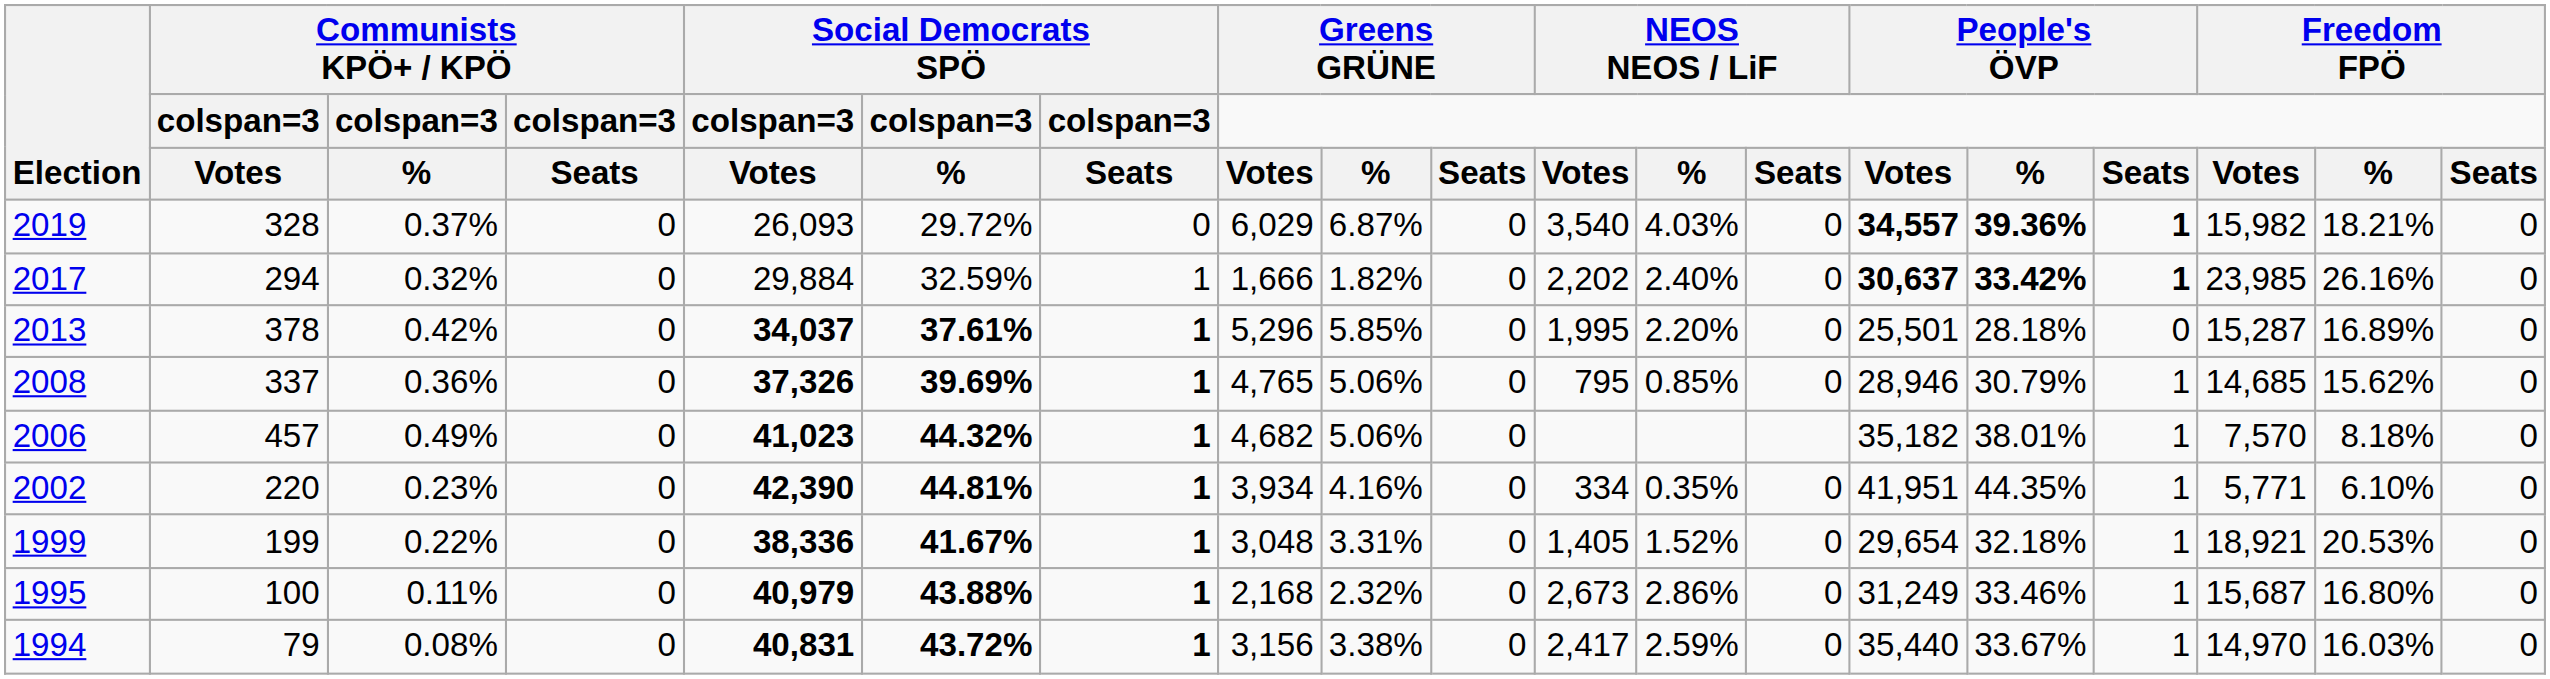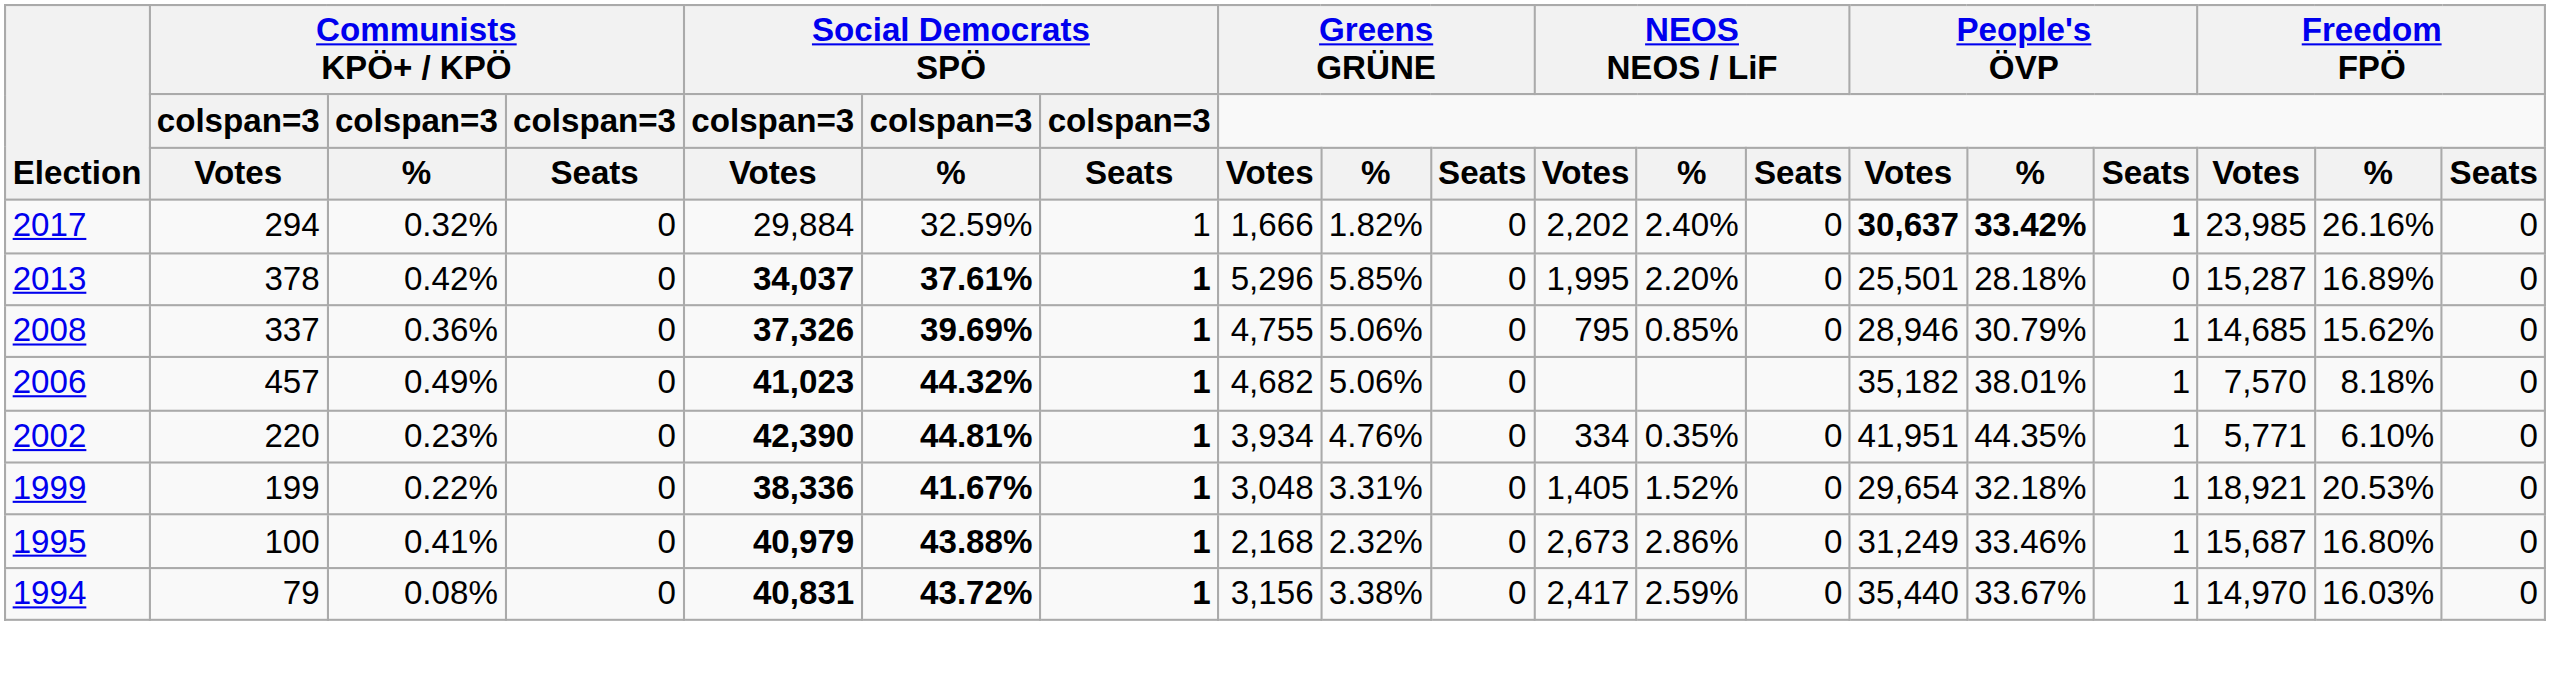 <table class="wikitable" border="1" style="font-size:100%; text-align:right;">
 <tr>
 <th style="text-align:left;" valign=bottom rowspan=3>Election</th>
 <th valign=bottom colspan=3><a href='#'>Communists</a><br>KPÖ+ / KPÖ</th>
 <th valign=bottom colspan=3><a href='#'>Social Democrats</a><br>SPÖ</th>
 <th valign=bottom colspan=3><a href='#'>Greens</a><br>GRÜNE</th>
 <th valign=bottom colspan=3><a href='#'>NEOS</a><br>NEOS / LiF</th>
 <th valign=bottom colspan=3><a href='#'>People's</a><br>ÖVP</th>
 <th valign=bottom colspan=3><a href='#'>Freedom</a><br>FPÖ</th>
 </tr>
 <tr>
 <th>colspan=3 </th>
 <th>colspan=3 </th>
 <th>colspan=3 </th>
 <th>colspan=3 </th>
 <th>colspan=3 </th>
 <th>colspan=3 </th>
 </tr>
 <tr>
 <th>Votes</th>
 <th>%</th>
 <th>Seats</th>
 <th>Votes</th>
 <th>%</th>
 <th>Seats</th>
 <th>Votes</th>
 <th>%</th>
 <th>Seats</th>
 <th>Votes</th>
 <th>%</th>
 <th>Seats</th>
 <th>Votes</th>
 <th>%</th>
 <th>Seats</th>
 <th>Votes</th>
 <th>%</th>
 <th>Seats</th>
-</tr>
-<tr>
-<td align=left><a href='#'>2019</a></td>
-<td>328</td>
-<td>0.37%</td>
-<td>0</td>
-<td>26,093</td>
-<td>29.72%</td>
-<td>0</td>
-<td>6,029</td>
-<td>6.87%</td>
-<td>0</td>
-<td>3,540</td>
-<td>4.03%</td>
-<td>0</td>
-<td><strong>34,557</strong></td>
-<td><strong>39.36%</strong></td>
-<td><strong>1</strong></td>
-<td>15,982</td>
-<td>18.21%</td>
-<td>0</td>
 </tr>
 <tr>
 <td align=left><a href='#'>2017</a></td>
 <td>294</td>
 <td>0.32%</td>
 <td>0</td>
 <td>29,884</td>
 <td>32.59%</td>
 <td>1</td>
 <td>1,666</td>
 <td>1.82%</td>
 <td>0</td>
 <td>2,202</td>
 <td>2.40%</td>
 <td>0</td>
 <td><strong>30,637</strong></td>
 <td><strong>33.42%</strong></td>
 <td><strong>1</strong></td>
 <td>23,985</td>
 <td>26.16%</td>
 <td>0</td>
 </tr>
 <tr>
 <td align=left><a href='#'>2013</a></td>
 <td>378</td>
 <td>0.42%</td>
 <td>0</td>
 <td><strong>34,037</strong></td>
 <td><strong>37.61%</strong></td>
 <td><strong>1</strong></td>
 <td>5,296</td>
 <td>5.85%</td>
 <td>0</td>
 <td>1,995</td>
 <td>2.20%</td>
 <td>0</td>
 <td>25,501</td>
 <td>28.18%</td>
 <td>0</td>
 <td>15,287</td>
 <td>16.89%</td>
 <td>0</td>
 </tr>
 <tr>
 <td align=left><a href='#'>2008</a></td>
 <td>337</td>
 <td>0.36%</td>
 <td>0</td>
 <td><strong>37,326</strong></td>
 <td><strong>39.69%</strong></td>
 <td><strong>1</strong></td>
-<td>4,765</td>
+<td>4,755</td>
 <td>5.06%</td>
 <td>0</td>
 <td>795</td>
 <td>0.85%</td>
 <td>0</td>
 <td>28,946</td>
 <td>30.79%</td>
 <td>1</td>
 <td>14,685</td>
 <td>15.62%</td>
 <td>0</td>
 </tr>
 <tr>
 <td align=left><a href='#'>2006</a></td>
 <td>457</td>
 <td>0.49%</td>
 <td>0</td>
 <td><strong>41,023</strong></td>
 <td><strong>44.32%</strong></td>
 <td><strong>1</strong></td>
 <td>4,682</td>
 <td>5.06%</td>
 <td>0</td>
 <td></td>
 <td></td>
 <td></td>
 <td>35,182</td>
 <td>38.01%</td>
 <td>1</td>
 <td>7,570</td>
 <td>8.18%</td>
 <td>0</td>
 </tr>
 <tr>
 <td align=left><a href='#'>2002</a></td>
 <td>220</td>
 <td>0.23%</td>
 <td>0</td>
 <td><strong>42,390</strong></td>
 <td><strong>44.81%</strong></td>
 <td><strong>1</strong></td>
 <td>3,934</td>
-<td>4.16%</td>
+<td>4.76%</td>
 <td>0</td>
 <td>334</td>
 <td>0.35%</td>
 <td>0</td>
 <td>41,951</td>
 <td>44.35%</td>
 <td>1</td>
 <td>5,771</td>
 <td>6.10%</td>
 <td>0</td>
 </tr>
 <tr>
 <td align=left><a href='#'>1999</a></td>
 <td>199</td>
 <td>0.22%</td>
 <td>0</td>
 <td><strong>38,336</strong></td>
 <td><strong>41.67%</strong></td>
 <td><strong>1</strong></td>
 <td>3,048</td>
 <td>3.31%</td>
 <td>0</td>
 <td>1,405</td>
 <td>1.52%</td>
 <td>0</td>
 <td>29,654</td>
 <td>32.18%</td>
 <td>1</td>
 <td>18,921</td>
 <td>20.53%</td>
 <td>0</td>
 </tr>
 <tr>
 <td align=left><a href='#'>1995</a></td>
 <td>100</td>
-<td>0.11%</td>
+<td>0.41%</td>
 <td>0</td>
 <td><strong>40,979</strong></td>
 <td><strong>43.88%</strong></td>
 <td><strong>1</strong></td>
 <td>2,168</td>
 <td>2.32%</td>
 <td>0</td>
 <td>2,673</td>
 <td>2.86%</td>
 <td>0</td>
 <td>31,249</td>
 <td>33.46%</td>
 <td>1</td>
 <td>15,687</td>
 <td>16.80%</td>
 <td>0</td>
 </tr>
 <tr>
 <td align=left><a href='#'>1994</a></td>
 <td>79</td>
 <td>0.08%</td>
 <td>0</td>
 <td><strong>40,831</strong></td>
 <td><strong>43.72%</strong></td>
 <td><strong>1</strong></td>
 <td>3,156</td>
 <td>3.38%</td>
 <td>0</td>
 <td>2,417</td>
 <td>2.59%</td>
 <td>0</td>
 <td>35,440</td>
 <td>33.67%</td>
 <td>1</td>
 <td>14,970</td>
 <td>16.03%</td>
 <td>0</td>
 </tr>
 </table>
